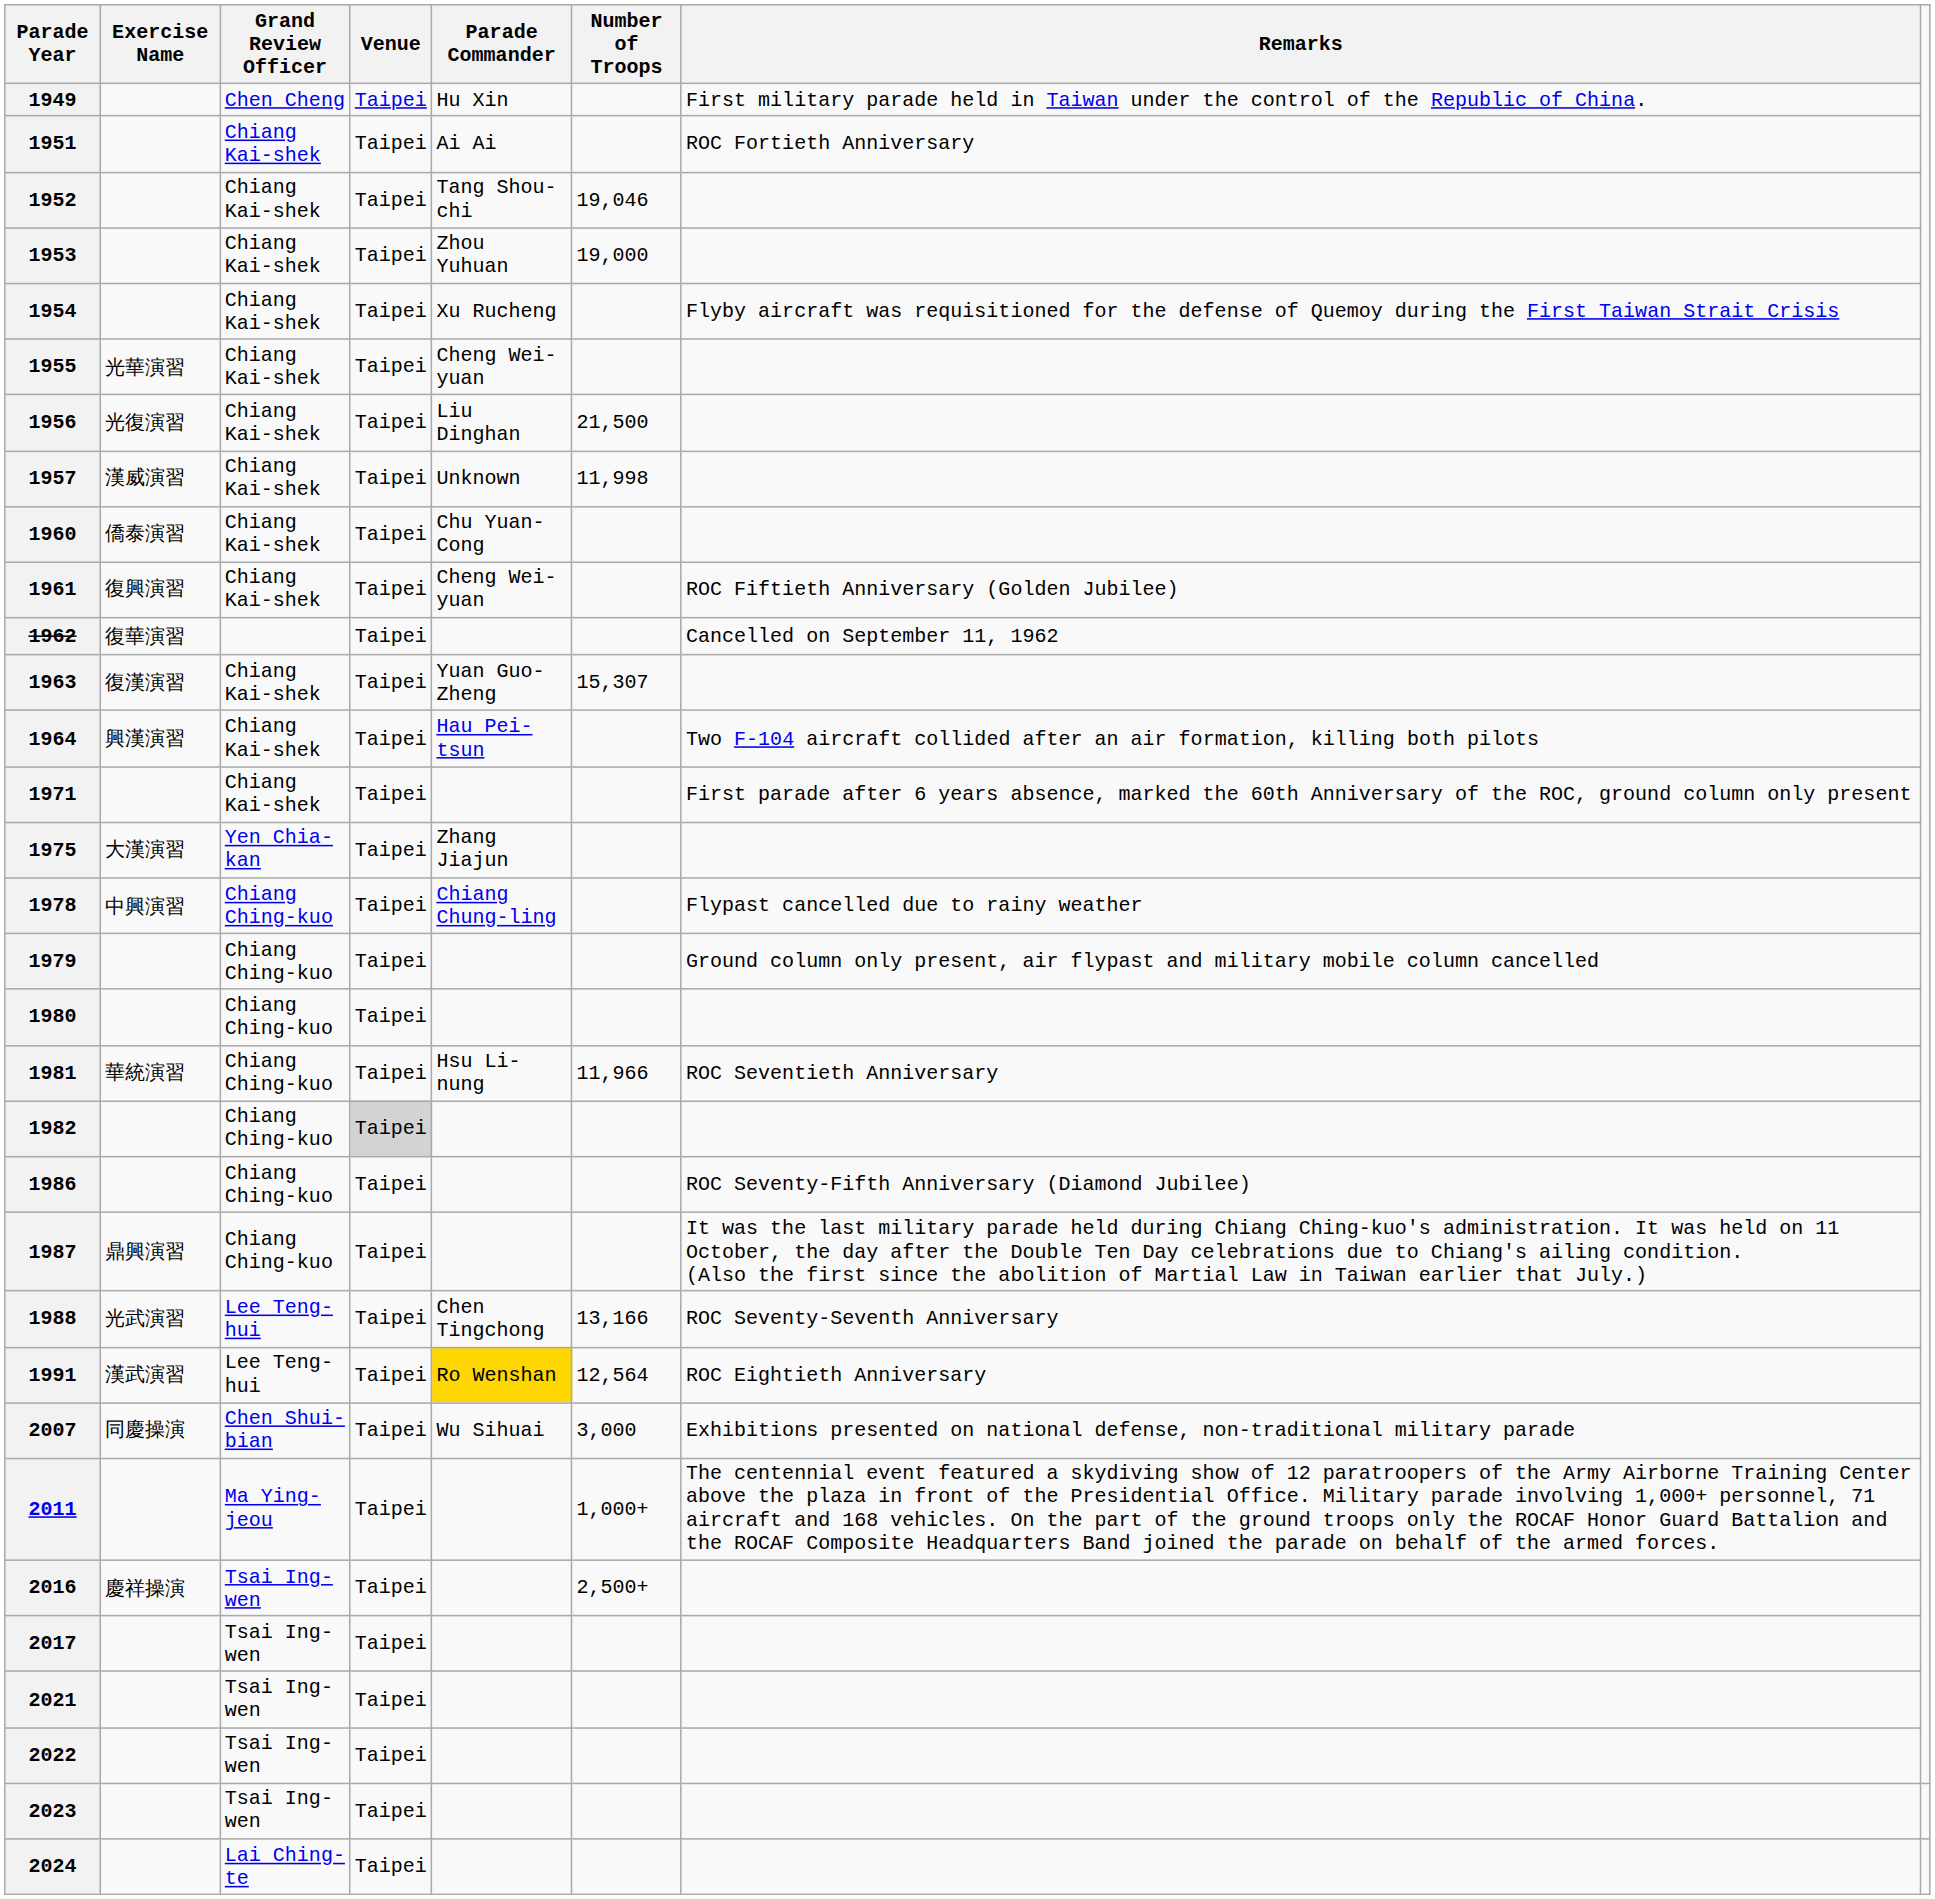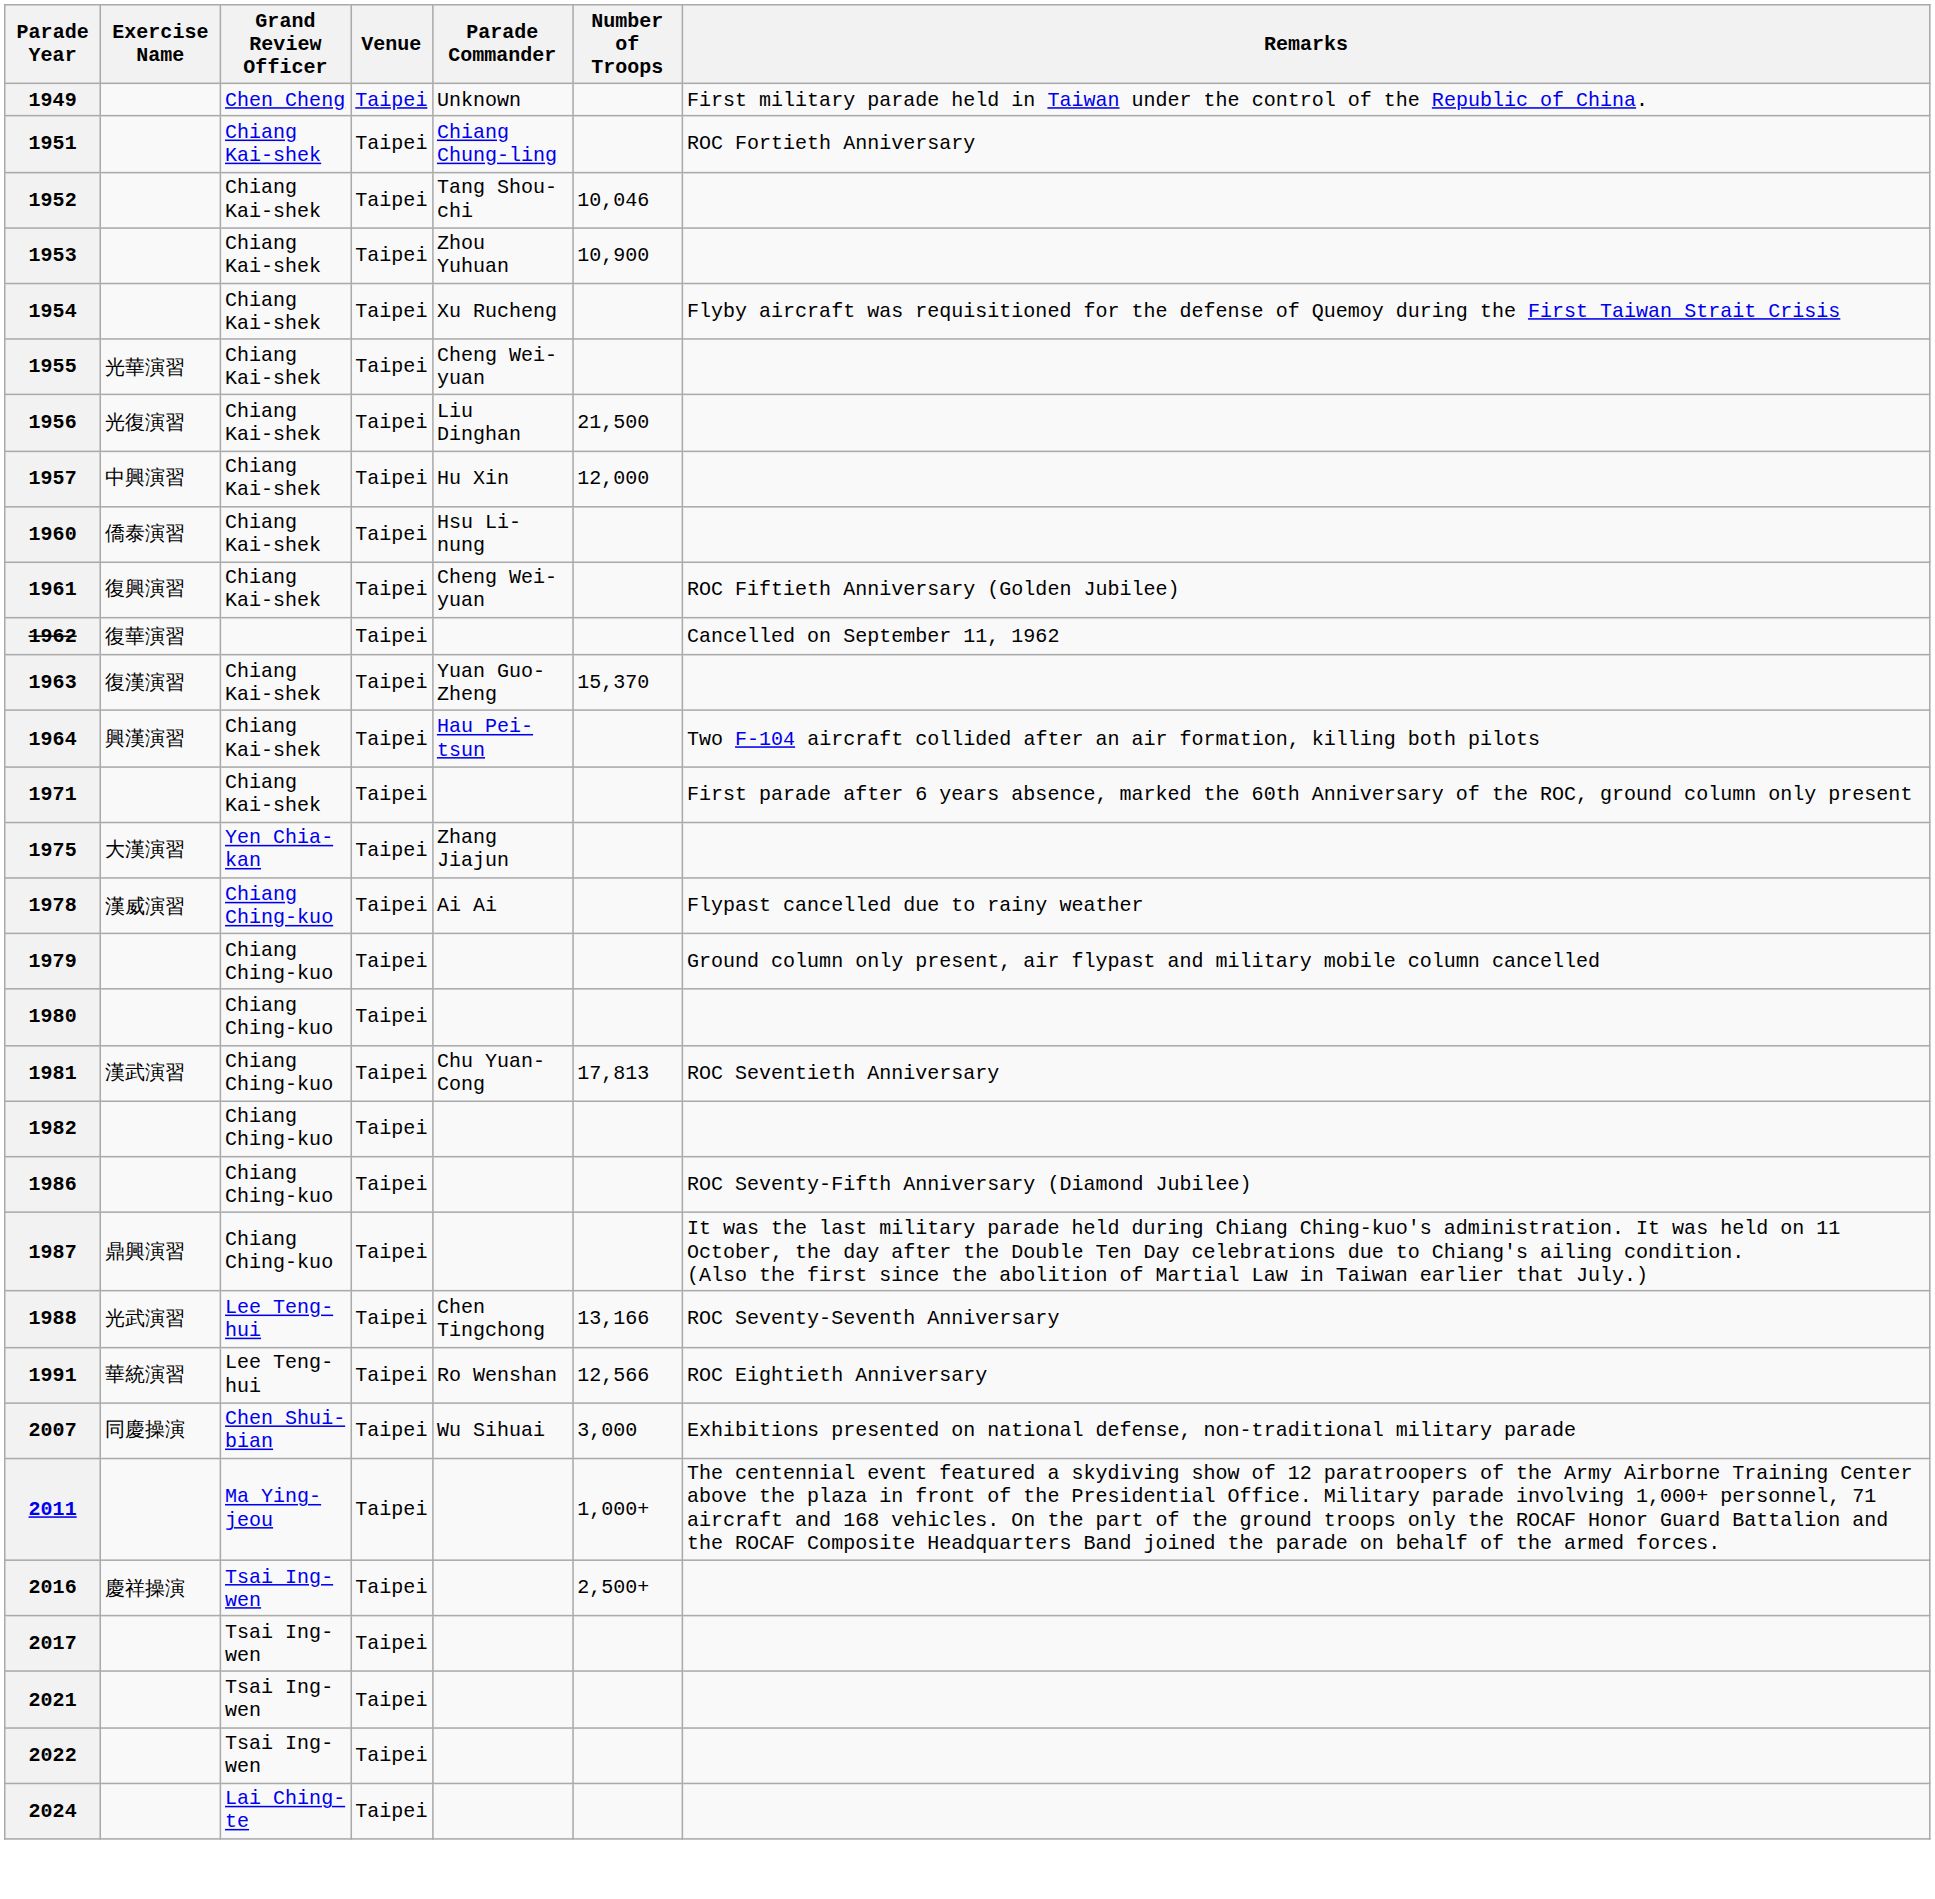 <table class="wikitable">
 <tr>
 <th>Parade Year</th>
 <th>Exercise Name</th>
 <th>Grand Review Officer</th>
 <th>Venue</th>
 <th>Parade Commander</th>
 <th>Number of Troops</th>
 <th>Remarks</th>
 </tr>
 <tr>
 <th>1949</th>
 <td></td>
 <td><a href='#'>Chen Cheng</a></td>
 <td><a href='#'>Taipei</a></td>
-<td>Hu Xin</td>
+<td>Unknown</td>
 <td></td>
 <td>First military parade held in <a href='#'>Taiwan</a> under the control of the <a href='#'>Republic of China</a>.</td>
 </tr>
 <tr>
 <th>1951</th>
 <td></td>
 <td><a href='#'>Chiang Kai-shek</a></td>
 <td>Taipei</td>
-<td>Ai Ai</td>
+<td><a href='#'>Chiang Chung-ling</a></td>
 <td></td>
 <td>ROC Fortieth Anniversary</td>
 </tr>
 <tr>
 <th>1952</th>
 <td></td>
 <td>Chiang Kai-shek</td>
 <td>Taipei</td>
 <td>Tang Shou-chi</td>
-<td>19,046</td>
+<td>10,046</td>
 <td></td>
 </tr>
 <tr>
 <th>1953</th>
 <td></td>
 <td>Chiang Kai-shek</td>
 <td>Taipei</td>
 <td>Zhou Yuhuan</td>
-<td>19,000</td>
+<td>10,900</td>
 <td></td>
 </tr>
 <tr>
 <th>1954</th>
 <td></td>
 <td>Chiang Kai-shek</td>
 <td>Taipei</td>
 <td>Xu Rucheng</td>
 <td></td>
 <td>Flyby aircraft was requisitioned for the defense of Quemoy during the <a href='#'>First Taiwan Strait Crisis</a></td>
 </tr>
 <tr>
 <th>1955</th>
 <td>光華演習</td>
 <td>Chiang Kai-shek</td>
 <td>Taipei</td>
 <td>Cheng Wei-yuan</td>
 <td></td>
 <td></td>
 </tr>
 <tr>
 <th>1956</th>
 <td>光復演習</td>
 <td>Chiang Kai-shek</td>
 <td>Taipei</td>
 <td>Liu Dinghan</td>
 <td>21,500</td>
 <td></td>
 </tr>
 <tr>
 <th>1957</th>
-<td>漢威演習</td>
+<td>中興演習</td>
 <td>Chiang Kai-shek</td>
 <td>Taipei</td>
-<td>Unknown</td>
-<td>11,998</td>
+<td>Hu Xin</td>
+<td>12,000</td>
 <td></td>
 </tr>
 <tr>
 <th>1960</th>
 <td>僑泰演習</td>
 <td>Chiang Kai-shek</td>
 <td>Taipei</td>
-<td>Chu Yuan-Cong</td>
+<td>Hsu Li-nung</td>
 <td></td>
 <td></td>
 </tr>
 <tr>
 <th>1961</th>
 <td>復興演習</td>
 <td>Chiang Kai-shek</td>
 <td>Taipei</td>
 <td>Cheng Wei-yuan</td>
 <td></td>
 <td>ROC Fiftieth Anniversary (Golden Jubilee)</td>
 </tr>
 <tr>
 <th><s>1962</s></th>
 <td>復華演習</td>
 <td></td>
 <td>Taipei</td>
 <td></td>
 <td></td>
 <td>Cancelled on September 11, 1962</td>
 </tr>
 <tr>
 <th>1963</th>
 <td>復漢演習</td>
 <td>Chiang Kai-shek</td>
 <td>Taipei</td>
 <td>Yuan Guo-Zheng</td>
-<td>15,307</td>
+<td>15,370</td>
 <td></td>
 </tr>
 <tr>
 <th>1964</th>
 <td>興漢演習</td>
 <td>Chiang Kai-shek</td>
 <td>Taipei</td>
 <td><a href='#'>Hau Pei-tsun</a></td>
 <td></td>
 <td>Two <a href='#'>F-104</a> aircraft collided after an air formation, killing both pilots</td>
 </tr>
 <tr>
 <th>1971</th>
 <td></td>
 <td>Chiang Kai-shek</td>
 <td>Taipei</td>
 <td></td>
 <td></td>
 <td>First parade after 6 years absence, marked the 60th Anniversary of the ROC, ground column only present</td>
 </tr>
 <tr>
 <th>1975</th>
 <td>大漢演習</td>
 <td><a href='#'>Yen Chia-kan</a></td>
 <td>Taipei</td>
 <td>Zhang Jiajun</td>
 <td></td>
 <td></td>
 </tr>
 <tr>
 <th>1978</th>
-<td>中興演習</td>
+<td>漢威演習</td>
 <td><a href='#'>Chiang Ching-kuo</a></td>
 <td>Taipei</td>
-<td><a href='#'>Chiang Chung-ling</a></td>
+<td>Ai Ai</td>
 <td></td>
 <td>Flypast cancelled due to rainy weather</td>
 </tr>
 <tr>
 <th>1979</th>
 <td></td>
 <td>Chiang Ching-kuo</td>
 <td>Taipei</td>
 <td></td>
 <td></td>
 <td>Ground column only present, air flypast and military mobile column cancelled<br></td>
 </tr>
 <tr>
 <th>1980</th>
 <td></td>
 <td>Chiang Ching-kuo</td>
 <td>Taipei</td>
 <td></td>
 <td></td>
 <td></td>
 </tr>
 <tr>
 <th>1981</th>
-<td>華統演習</td>
+<td>漢武演習</td>
 <td>Chiang Ching-kuo</td>
 <td>Taipei</td>
-<td>Hsu Li-nung</td>
-<td>11,966</td>
+<td>Chu Yuan-Cong</td>
+<td>17,813</td>
 <td>ROC Seventieth Anniversary<br>     </td>
 </tr>
 <tr>
 <th>1982</th>
 <td></td>
 <td>Chiang Ching-kuo</td>
-<td style="background: lightgrey;">Taipei</td>
+<td>Taipei</td>
 <td></td>
 <td></td>
 <td></td>
 </tr>
 <tr>
 <th>1986</th>
 <td></td>
 <td>Chiang Ching-kuo</td>
 <td>Taipei</td>
 <td></td>
 <td></td>
 <td>ROC Seventy-Fifth Anniversary (Diamond Jubilee)</td>
 </tr>
 <tr>
 <th>1987</th>
 <td>鼎興演習</td>
 <td>Chiang Ching-kuo</td>
 <td>Taipei</td>
 <td></td>
 <td></td>
 <td>It was the last military parade held during Chiang Ching-kuo's administration. It was held on 11 October, the day after the Double Ten Day celebrations due to Chiang's ailing condition.<br>(Also the first since the abolition of Martial Law in Taiwan earlier that July.)</td>
 </tr>
 <tr>
 <th>1988</th>
 <td>光武演習</td>
 <td><a href='#'>Lee Teng-hui</a></td>
 <td>Taipei</td>
 <td>Chen Tingchong</td>
 <td>13,166</td>
 <td>ROC Seventy-Seventh Anniversary<br>   </td>
 </tr>
 <tr>
 <th>1991</th>
-<td>漢武演習</td>
+<td>華統演習</td>
 <td>Lee Teng-hui</td>
 <td>Taipei</td>
-<td style="background: gold;">Ro Wenshan</td>
-<td>12,564</td>
+<td>Ro Wenshan</td>
+<td>12,566</td>
 <td>ROC Eightieth Anniversary<br>   </td>
 </tr>
 <tr>
 <th>2007</th>
 <td>同慶操演</td>
 <td><a href='#'>Chen Shui-bian</a></td>
 <td>Taipei</td>
 <td>Wu Sihuai</td>
 <td>3,000</td>
 <td>Exhibitions presented on national defense, non-traditional military parade</td>
 </tr>
 <tr>
 <th><a href='#'>2011</a></th>
 <td></td>
 <td><a href='#'>Ma Ying-jeou</a></td>
 <td>Taipei</td>
 <td></td>
 <td>1,000+</td>
 <td>The centennial event featured a skydiving show of 12 paratroopers of the Army Airborne Training Center above the plaza in front of the Presidential Office. Military parade involving 1,000+ personnel, 71 aircraft and 168 vehicles. On the part of the ground troops only the ROCAF Honor Guard Battalion and the ROCAF Composite Headquarters Band joined the parade on behalf of the armed forces.</td>
 </tr>
 <tr>
 <th>2016</th>
 <td>慶祥操演</td>
 <td><a href='#'>Tsai Ing-wen</a></td>
 <td>Taipei</td>
 <td></td>
 <td>2,500+</td>
 <td></td>
 </tr>
 <tr>
 <th>2017</th>
 <td></td>
 <td>Tsai Ing-wen</td>
 <td>Taipei</td>
 <td></td>
 <td></td>
 <td></td>
 </tr>
 <tr>
 <th>2021</th>
 <td></td>
 <td>Tsai Ing-wen</td>
 <td>Taipei</td>
 <td></td>
 <td></td>
 <td></td>
 </tr>
 <tr>
 <th>2022</th>
 <td></td>
 <td>Tsai Ing-wen</td>
 <td>Taipei</td>
 <td></td>
 <td></td>
 <td></td>
 </tr>
 <tr>
-<th>2023</th>
-<td></td>
-<td>Tsai Ing-wen</td>
-<td>Taipei</td>
-<td></td>
-<td></td>
-<td></td>
-<td></td>
-</tr>
-<tr>
 <th>2024</th>
 <td></td>
 <td><a href='#'>Lai Ching-te</a></td>
 <td>Taipei</td>
 <td></td>
 <td></td>
 <td></td>
 </tr>
 </table>
